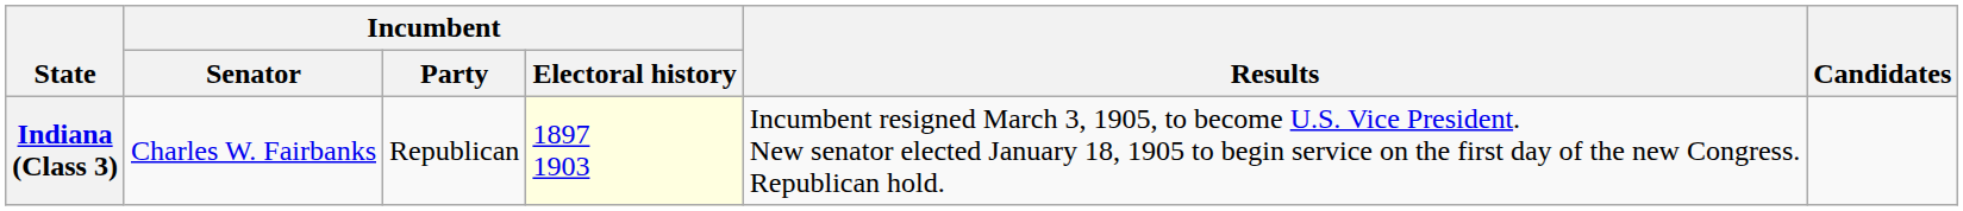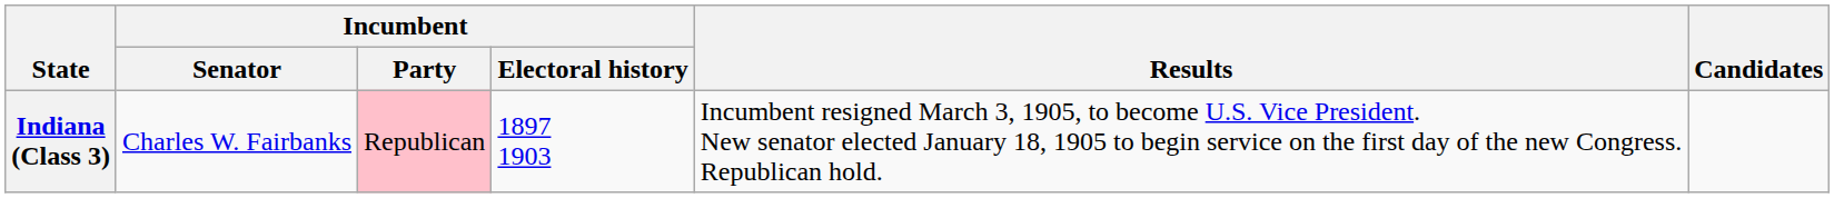 <table class=wikitable>
 <tr valign=bottom>
 <th rowspan=2>State</th>
 <th colspan=3>Incumbent</th>
 <th rowspan=2>Results</th>
 <th rowspan=2>Candidates</th>
 </tr>
 <tr valign=bottom>
 <th>Senator</th>
 <th>Party</th>
 <th>Electoral history</th>
 </tr>
 <tr>
 <th><a href='#'>Indiana</a><br>(Class 3)</th>
 <td><a href='#'>Charles W. Fairbanks</a></td>
-<td>Republican</td>
-<td style="background: lightyellow;"><a href='#'>1897</a><br><a href='#'>1903</a></td>
+<td style="background: pink;">Republican</td>
+<td><a href='#'>1897</a><br><a href='#'>1903</a></td>
 <td>Incumbent resigned March 3, 1905, to become <a href='#'>U.S. Vice President</a>.<br>New senator elected January 18, 1905 to begin service on the first day of the new Congress.<br>Republican hold.</td>
 <td nowrap></td>
 </tr>
 </table>
